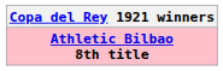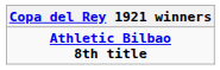 <table class="wikitable" style="text-align: center; margin: 0 auto;">
 <tr>
 <th><a href='#'>Copa del Rey</a> 1921 winners</th>
 </tr>
 <tr>
-<td style="background: pink;"><strong><a href='#'>Athletic Bilbao</a></strong><br><strong>8th title</strong></td>
+<td><strong><a href='#'>Athletic Bilbao</a></strong><br><strong>8th title</strong></td>
 </tr>
 </table>
